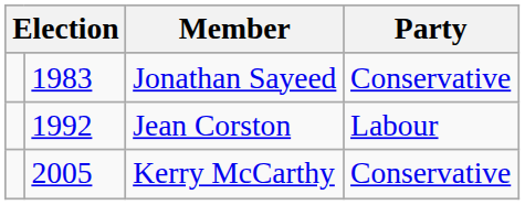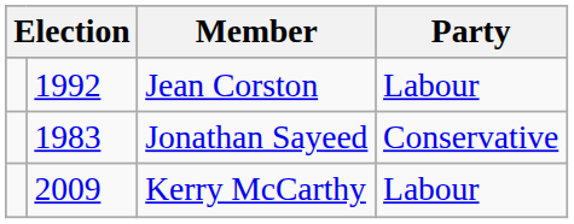 <table class="wikitable">
 <tr>
 <th colspan="2">Election</th>
 <th>Member</th>
 <th>Party</th>
+</tr>
+<tr>
+<td style="color:inherit;background-color: "></td>
+<td><a href='#'>1992</a></td>
+<td><a href='#'>Jean Corston</a></td>
+<td><a href='#'>Labour</a></td>
 </tr>
 <tr>
 <td style="color:inherit;background-color: "></td>
 <td><a href='#'>1983</a></td>
 <td><a href='#'>Jonathan Sayeed</a></td>
 <td><a href='#'>Conservative</a></td>
 </tr>
 <tr>
 <td style="color:inherit;background-color: "></td>
-<td><a href='#'>1992</a></td>
-<td><a href='#'>Jean Corston</a></td>
+<td><a href='#'>2009</a></td>
+<td><a href='#'>Kerry McCarthy</a></td>
 <td><a href='#'>Labour</a></td>
 </tr>
-<tr>
-<td style="color:inherit;background-color: "></td>
-<td><a href='#'>2005</a></td>
-<td><a href='#'>Kerry McCarthy</a></td>
-<td><a href='#'>Conservative</a></td>
-</tr>
 </table>
